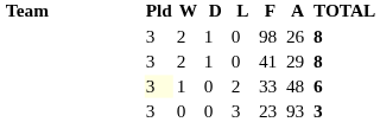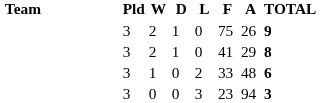 <table>
 <tr>
 <td><br></td>
 </tr>
 <tr border=1 cellpadding=5 cellspacing=0>
 <th width="200">Team</th>
 <th width="20">Pld</th>
 <th width="20">W</th>
 <th width="20">D</th>
 <th width="20">L</th>
 <th width="20">F</th>
 <th width="20">A</th>
 <th width="20">TOTAL</th>
 </tr>
 <tr>
 <td align=left></td>
 <td>3</td>
 <td>2</td>
 <td>1</td>
 <td>0</td>
-<td>98</td>
+<td>75</td>
 <td>26</td>
-<td><strong>8</strong></td>
+<td><strong>9</strong></td>
 </tr>
 <tr>
 <td align=left></td>
 <td>3</td>
 <td>2</td>
 <td>1</td>
 <td>0</td>
 <td>41</td>
 <td>29</td>
 <td><strong>8</strong></td>
 </tr>
 <tr>
 <td align=left></td>
-<td style="background: lightyellow;">3</td>
+<td>3</td>
 <td>1</td>
 <td>0</td>
 <td>2</td>
 <td>33</td>
 <td>48</td>
 <td><strong>6</strong></td>
 </tr>
 <tr>
 <td align=left></td>
 <td>3</td>
 <td>0</td>
 <td>0</td>
 <td>3</td>
 <td>23</td>
-<td>93</td>
+<td>94</td>
 <td><strong>3</strong></td>
 </tr>
 </table>
